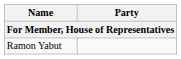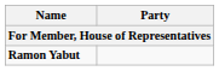 <table class="wikitable" style="font-size:90%">
 <tr>
 <th !width=150px>Name</th>
 <th colspan=2 width=110px>Party</th>
 </tr>
 <tr>
 <th colspan="3">For Member, House of Representatives</th>
 </tr>
 <tr>
-<td>Ramon Yabut</td>
+<td><strong>Ramon Yabut</strong></td>
 <td></td>
 </tr>
 </table>
